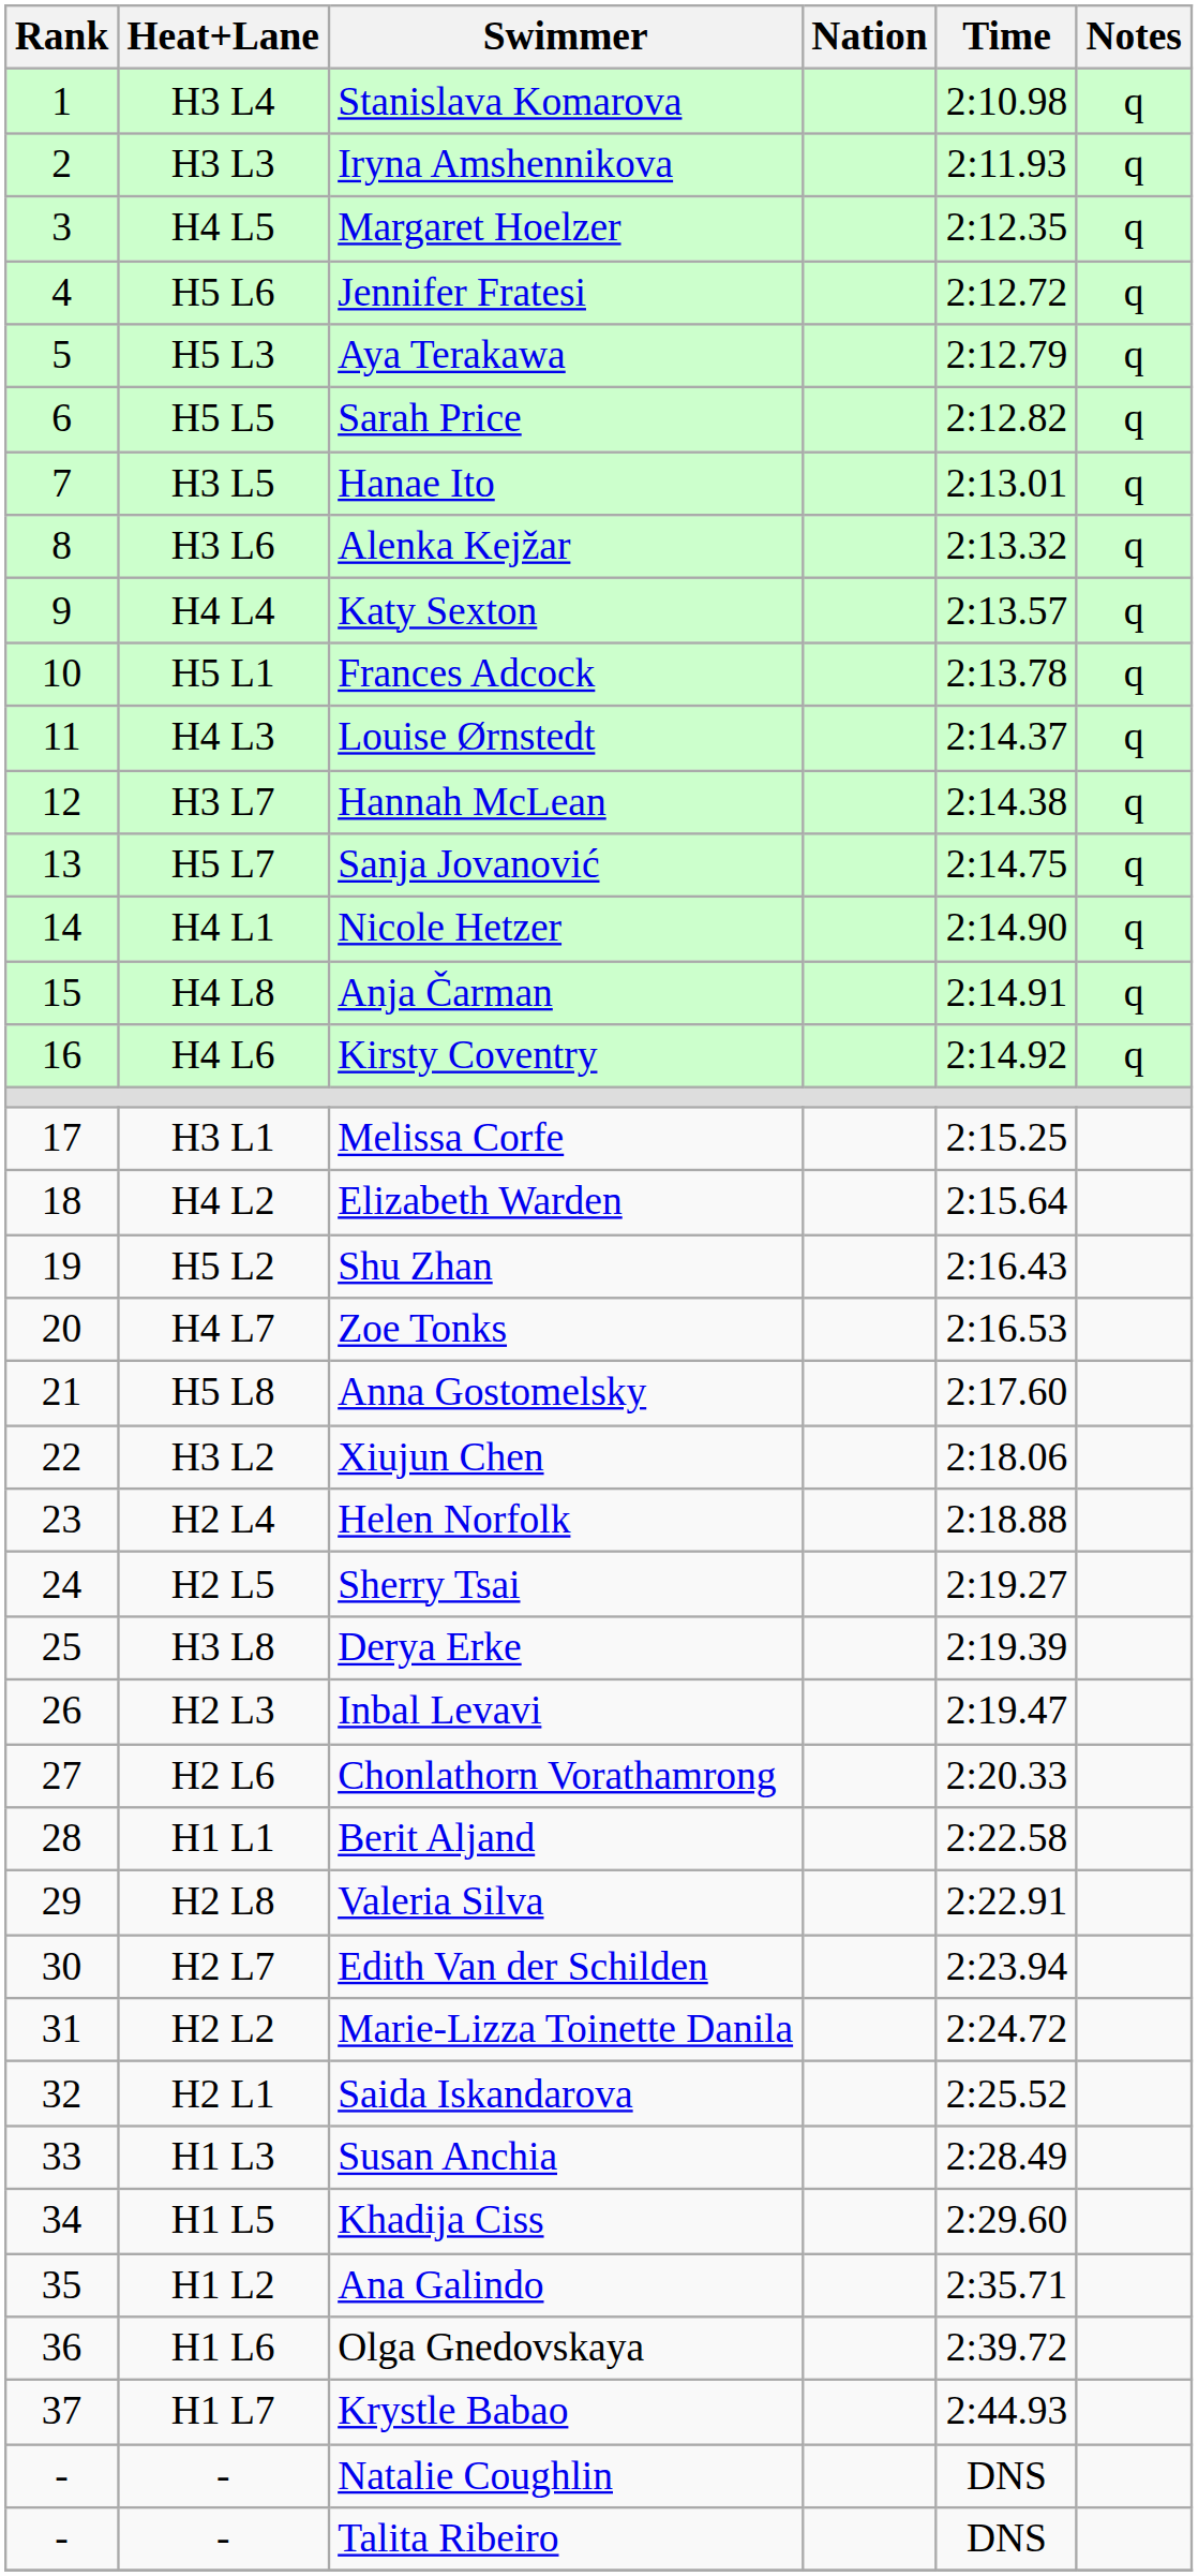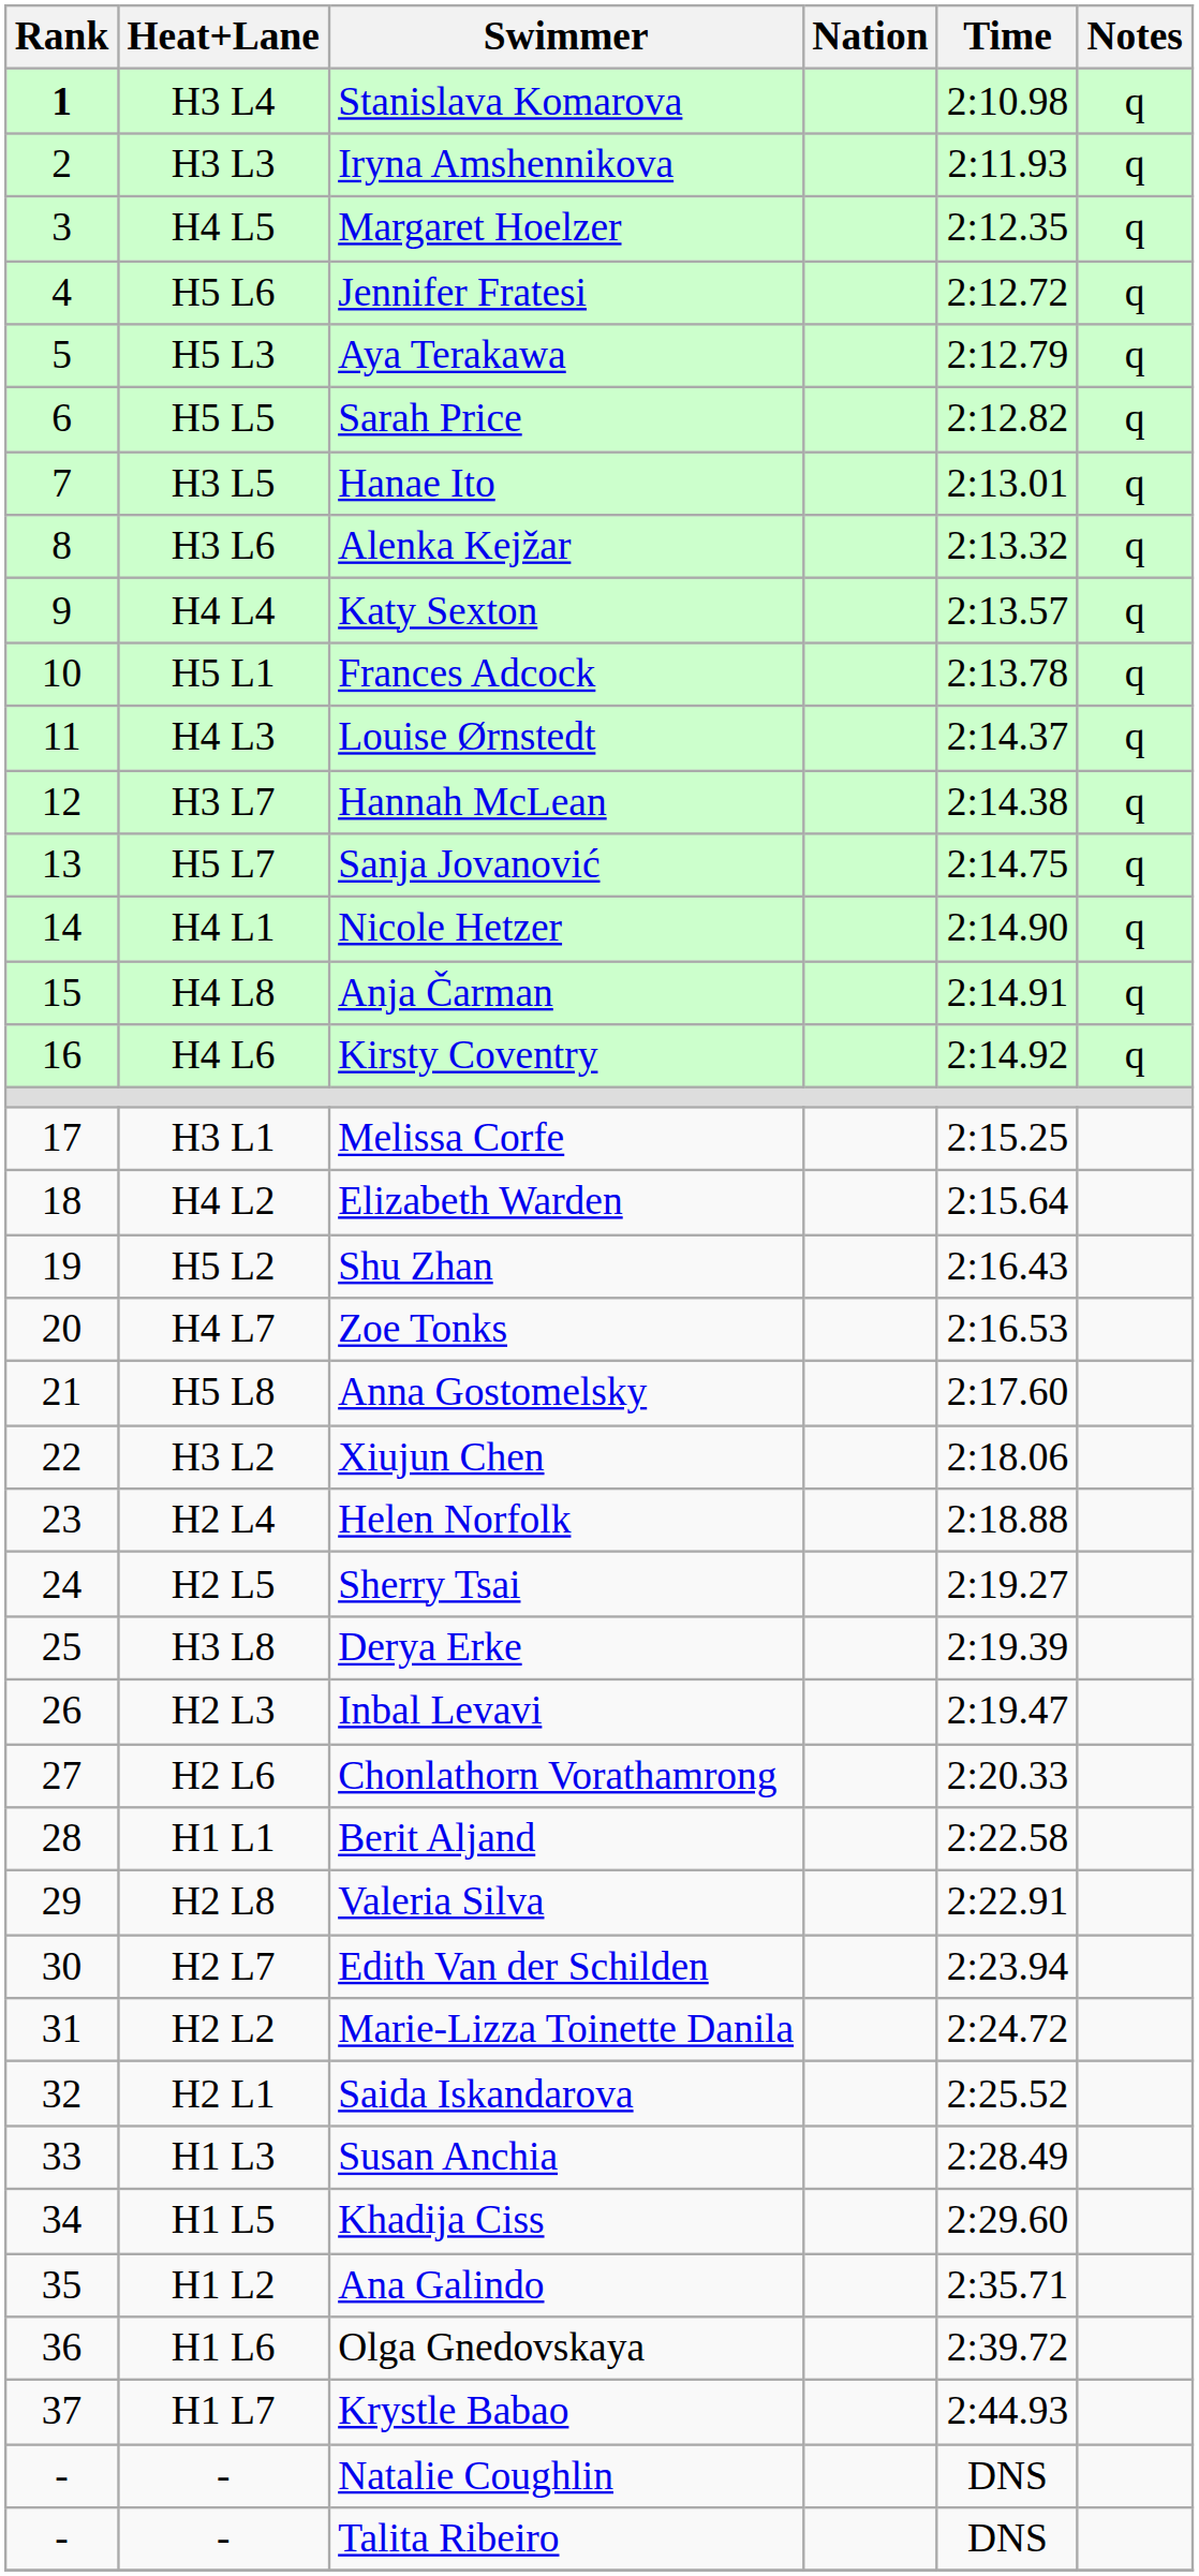 <table class="wikitable sortable" style="text-align:center">
 <tr>
 <th>Rank</th>
 <th>Heat+Lane</th>
 <th>Swimmer</th>
 <th>Nation</th>
 <th>Time</th>
 <th>Notes</th>
 </tr>
 <tr bgcolor=ccffcc>
-<td>1</td>
+<td><strong>1</strong></td>
 <td>H3 L4</td>
 <td align=left><a href='#'>Stanislava Komarova</a></td>
 <td align=left></td>
 <td>2:10.98</td>
 <td>q</td>
 </tr>
 <tr bgcolor=ccffcc>
 <td>2</td>
 <td>H3 L3</td>
 <td align=left><a href='#'>Iryna Amshennikova</a></td>
 <td align=left></td>
 <td>2:11.93</td>
 <td>q</td>
 </tr>
 <tr bgcolor=ccffcc>
 <td>3</td>
 <td>H4 L5</td>
 <td align=left><a href='#'>Margaret Hoelzer</a></td>
 <td align=left></td>
 <td>2:12.35</td>
 <td>q</td>
 </tr>
 <tr bgcolor=ccffcc>
 <td>4</td>
 <td>H5 L6</td>
 <td align=left><a href='#'>Jennifer Fratesi</a></td>
 <td align=left></td>
 <td>2:12.72</td>
 <td>q</td>
 </tr>
 <tr bgcolor=ccffcc>
 <td>5</td>
 <td>H5 L3</td>
 <td align=left><a href='#'>Aya Terakawa</a></td>
 <td align=left></td>
 <td>2:12.79</td>
 <td>q</td>
 </tr>
 <tr bgcolor=ccffcc>
 <td>6</td>
 <td>H5 L5</td>
 <td align=left><a href='#'>Sarah Price</a></td>
 <td align=left></td>
 <td>2:12.82</td>
 <td>q</td>
 </tr>
 <tr bgcolor=ccffcc>
 <td>7</td>
 <td>H3 L5</td>
 <td align=left><a href='#'>Hanae Ito</a></td>
 <td align=left></td>
 <td>2:13.01</td>
 <td>q</td>
 </tr>
 <tr bgcolor=ccffcc>
 <td>8</td>
 <td>H3 L6</td>
 <td align=left><a href='#'>Alenka Kejžar</a></td>
 <td align=left></td>
 <td>2:13.32</td>
 <td>q</td>
 </tr>
 <tr bgcolor=ccffcc>
 <td>9</td>
 <td>H4 L4</td>
 <td align=left><a href='#'>Katy Sexton</a></td>
 <td align=left></td>
 <td>2:13.57</td>
 <td>q</td>
 </tr>
 <tr bgcolor=ccffcc>
 <td>10</td>
 <td>H5 L1</td>
 <td align=left><a href='#'>Frances Adcock</a></td>
 <td align=left></td>
 <td>2:13.78</td>
 <td>q</td>
 </tr>
 <tr bgcolor=ccffcc>
 <td>11</td>
 <td>H4 L3</td>
 <td align=left><a href='#'>Louise Ørnstedt</a></td>
 <td align=left></td>
 <td>2:14.37</td>
 <td>q</td>
 </tr>
 <tr bgcolor=ccffcc>
 <td>12</td>
 <td>H3 L7</td>
 <td align=left><a href='#'>Hannah McLean</a></td>
 <td align=left></td>
 <td>2:14.38</td>
 <td>q</td>
 </tr>
 <tr bgcolor=ccffcc>
 <td>13</td>
 <td>H5 L7</td>
 <td align=left><a href='#'>Sanja Jovanović</a></td>
 <td align=left></td>
 <td>2:14.75</td>
 <td>q</td>
 </tr>
 <tr bgcolor=ccffcc>
 <td>14</td>
 <td>H4 L1</td>
 <td align=left><a href='#'>Nicole Hetzer</a></td>
 <td align=left></td>
 <td>2:14.90</td>
 <td>q</td>
 </tr>
 <tr bgcolor=ccffcc>
 <td>15</td>
 <td>H4 L8</td>
 <td align=left><a href='#'>Anja Čarman</a></td>
 <td align=left></td>
 <td>2:14.91</td>
 <td>q</td>
 </tr>
 <tr bgcolor=ccffcc>
 <td>16</td>
 <td>H4 L6</td>
 <td align=left><a href='#'>Kirsty Coventry</a></td>
 <td align=left></td>
 <td>2:14.92</td>
 <td>q</td>
 </tr>
 <tr bgcolor=#DDDDDD>
 <td colspan=6></td>
 </tr>
 <tr>
 <td>17</td>
 <td>H3 L1</td>
 <td align=left><a href='#'>Melissa Corfe</a></td>
 <td align=left></td>
 <td>2:15.25</td>
 <td></td>
 </tr>
 <tr>
 <td>18</td>
 <td>H4 L2</td>
 <td align=left><a href='#'>Elizabeth Warden</a></td>
 <td align=left></td>
 <td>2:15.64</td>
 <td></td>
 </tr>
 <tr>
 <td>19</td>
 <td>H5 L2</td>
 <td align=left><a href='#'>Shu Zhan</a></td>
 <td align=left></td>
 <td>2:16.43</td>
 <td></td>
 </tr>
 <tr>
 <td>20</td>
 <td>H4 L7</td>
 <td align=left><a href='#'>Zoe Tonks</a></td>
 <td align=left></td>
 <td>2:16.53</td>
 <td></td>
 </tr>
 <tr>
 <td>21</td>
 <td>H5 L8</td>
 <td align=left><a href='#'>Anna Gostomelsky</a></td>
 <td align=left></td>
 <td>2:17.60</td>
 <td></td>
 </tr>
 <tr>
 <td>22</td>
 <td>H3 L2</td>
 <td align=left><a href='#'>Xiujun Chen</a></td>
 <td align=left></td>
 <td>2:18.06</td>
 <td></td>
 </tr>
 <tr>
 <td>23</td>
 <td>H2 L4</td>
 <td align=left><a href='#'>Helen Norfolk</a></td>
 <td align=left></td>
 <td>2:18.88</td>
 <td></td>
 </tr>
 <tr>
 <td>24</td>
 <td>H2 L5</td>
 <td align=left><a href='#'>Sherry Tsai</a></td>
 <td align=left></td>
 <td>2:19.27</td>
 <td></td>
 </tr>
 <tr>
 <td>25</td>
 <td>H3 L8</td>
 <td align=left><a href='#'>Derya Erke</a></td>
 <td align=left></td>
 <td>2:19.39</td>
 <td></td>
 </tr>
 <tr>
 <td>26</td>
 <td>H2 L3</td>
 <td align=left><a href='#'>Inbal Levavi</a></td>
 <td align=left></td>
 <td>2:19.47</td>
 <td></td>
 </tr>
 <tr>
 <td>27</td>
 <td>H2 L6</td>
 <td align=left><a href='#'>Chonlathorn Vorathamrong</a></td>
 <td align=left></td>
 <td>2:20.33</td>
 <td></td>
 </tr>
 <tr>
 <td>28</td>
 <td>H1 L1</td>
 <td align=left><a href='#'>Berit Aljand</a></td>
 <td align=left></td>
 <td>2:22.58</td>
 <td></td>
 </tr>
 <tr>
 <td>29</td>
 <td>H2 L8</td>
 <td align=left><a href='#'>Valeria Silva</a></td>
 <td align=left></td>
 <td>2:22.91</td>
 <td></td>
 </tr>
 <tr>
 <td>30</td>
 <td>H2 L7</td>
 <td align=left><a href='#'>Edith Van der Schilden</a></td>
 <td align=left></td>
 <td>2:23.94</td>
 <td></td>
 </tr>
 <tr>
 <td>31</td>
 <td>H2 L2</td>
 <td align=left><a href='#'>Marie-Lizza Toinette Danila</a></td>
 <td align=left></td>
 <td>2:24.72</td>
 <td></td>
 </tr>
 <tr>
 <td>32</td>
 <td>H2 L1</td>
 <td align=left><a href='#'>Saida Iskandarova</a></td>
 <td align=left></td>
 <td>2:25.52</td>
 <td></td>
 </tr>
 <tr>
 <td>33</td>
 <td>H1 L3</td>
 <td align=left><a href='#'>Susan Anchia</a></td>
 <td align=left></td>
 <td>2:28.49</td>
 <td></td>
 </tr>
 <tr>
 <td>34</td>
 <td>H1 L5</td>
 <td align=left><a href='#'>Khadija Ciss</a></td>
 <td align=left></td>
 <td>2:29.60</td>
 <td></td>
 </tr>
 <tr>
 <td>35</td>
 <td>H1 L2</td>
 <td align=left><a href='#'>Ana Galindo</a></td>
 <td align=left></td>
 <td>2:35.71</td>
 <td></td>
 </tr>
 <tr>
 <td>36</td>
 <td>H1 L6</td>
 <td align=left>Olga Gnedovskaya</td>
 <td align=left></td>
 <td>2:39.72</td>
 <td></td>
 </tr>
 <tr>
 <td>37</td>
 <td>H1 L7</td>
 <td align=left><a href='#'>Krystle Babao</a></td>
 <td align=left></td>
 <td>2:44.93</td>
 <td></td>
 </tr>
 <tr>
 <td>-</td>
 <td>-</td>
 <td align=left><a href='#'>Natalie Coughlin</a></td>
 <td align=left></td>
 <td>DNS</td>
 <td></td>
 </tr>
 <tr>
 <td>-</td>
 <td>-</td>
 <td align=left><a href='#'>Talita Ribeiro</a></td>
 <td align=left></td>
 <td>DNS</td>
 <td></td>
 </tr>
 <tr>
 </tr>
 </table>
